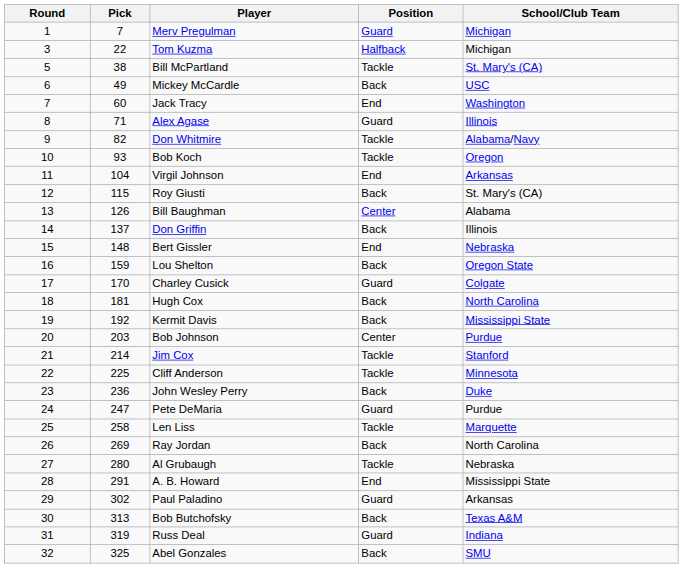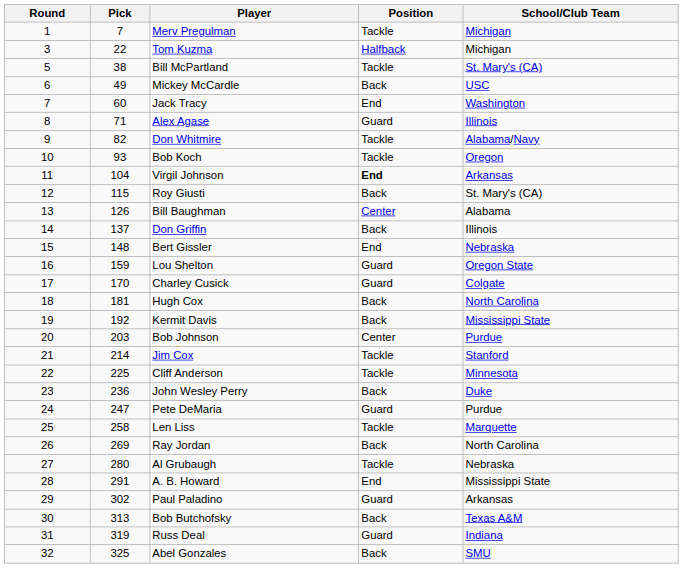 <table class="wikitable sortable sortable" width="60%">
 <tr>
 <th>Round</th>
 <th>Pick</th>
 <th>Player</th>
 <th>Position</th>
 <th>School/Club Team</th>
 </tr>
 <tr>
 <td style="text-align: center;">1</td>
 <td style="text-align: center;">7</td>
 <td><a href='#'>Merv Pregulman</a></td>
-<td><a href='#'>Guard</a></td>
+<td>Tackle</td>
 <td><a href='#'>Michigan</a></td>
 </tr>
 <tr>
 <td style="text-align: center;">3</td>
 <td style="text-align: center;">22</td>
 <td><a href='#'>Tom Kuzma</a></td>
 <td><a href='#'>Halfback</a></td>
 <td>Michigan</td>
 </tr>
 <tr>
 <td style="text-align: center;">5</td>
 <td style="text-align: center;">38</td>
 <td>Bill McPartland</td>
 <td>Tackle</td>
 <td><a href='#'>St. Mary's (CA)</a></td>
 </tr>
 <tr>
 <td style="text-align: center;">6</td>
 <td style="text-align: center;">49</td>
 <td>Mickey McCardle</td>
 <td>Back</td>
 <td><a href='#'>USC</a></td>
 </tr>
 <tr>
 <td style="text-align: center;">7</td>
 <td style="text-align: center;">60</td>
 <td>Jack Tracy</td>
 <td>End</td>
 <td><a href='#'>Washington</a></td>
 </tr>
 <tr>
 <td style="text-align: center;">8</td>
 <td style="text-align: center;">71</td>
 <td><a href='#'>Alex Agase</a></td>
 <td>Guard</td>
 <td><a href='#'>Illinois</a></td>
 </tr>
 <tr>
 <td style="text-align: center;">9</td>
 <td style="text-align: center;">82</td>
 <td><a href='#'>Don Whitmire</a></td>
 <td>Tackle</td>
 <td><a href='#'>Alabama</a>/<a href='#'>Navy</a></td>
 </tr>
 <tr>
 <td style="text-align: center;">10</td>
 <td style="text-align: center;">93</td>
 <td>Bob Koch</td>
 <td>Tackle</td>
 <td><a href='#'>Oregon</a></td>
 </tr>
 <tr>
 <td style="text-align: center;">11</td>
 <td style="text-align: center;">104</td>
 <td>Virgil Johnson</td>
-<td>End</td>
+<td><strong>End</strong></td>
 <td><a href='#'>Arkansas</a></td>
 </tr>
 <tr>
 <td style="text-align: center;">12</td>
 <td style="text-align: center;">115</td>
 <td>Roy Giusti</td>
 <td>Back</td>
 <td>St. Mary's (CA)</td>
 </tr>
 <tr>
 <td style="text-align: center;">13</td>
 <td style="text-align: center;">126</td>
 <td>Bill Baughman</td>
 <td><a href='#'>Center</a></td>
 <td>Alabama</td>
 </tr>
 <tr>
 <td style="text-align: center;">14</td>
 <td style="text-align: center;">137</td>
 <td><a href='#'>Don Griffin</a></td>
 <td>Back</td>
 <td>Illinois</td>
 </tr>
 <tr>
 <td style="text-align: center;">15</td>
 <td style="text-align: center;">148</td>
 <td>Bert Gissler</td>
 <td>End</td>
 <td><a href='#'>Nebraska</a></td>
 </tr>
 <tr>
 <td style="text-align: center;">16</td>
 <td style="text-align: center;">159</td>
 <td>Lou Shelton</td>
-<td>Back</td>
+<td>Guard</td>
 <td><a href='#'>Oregon State</a></td>
 </tr>
 <tr>
 <td style="text-align: center;">17</td>
 <td style="text-align: center;">170</td>
 <td>Charley Cusick</td>
 <td>Guard</td>
 <td><a href='#'>Colgate</a></td>
 </tr>
 <tr>
 <td style="text-align: center;">18</td>
 <td style="text-align: center;">181</td>
 <td>Hugh Cox</td>
 <td>Back</td>
 <td><a href='#'>North Carolina</a></td>
 </tr>
 <tr>
 <td style="text-align: center;">19</td>
 <td style="text-align: center;">192</td>
 <td>Kermit Davis</td>
 <td>Back</td>
 <td><a href='#'>Mississippi State</a></td>
 </tr>
 <tr>
 <td style="text-align: center;">20</td>
 <td style="text-align: center;">203</td>
 <td>Bob Johnson</td>
 <td>Center</td>
 <td><a href='#'>Purdue</a></td>
 </tr>
 <tr>
 <td style="text-align: center;">21</td>
 <td style="text-align: center;">214</td>
 <td><a href='#'>Jim Cox</a></td>
 <td>Tackle</td>
 <td><a href='#'>Stanford</a></td>
 </tr>
 <tr>
 <td style="text-align: center;">22</td>
 <td style="text-align: center;">225</td>
 <td>Cliff Anderson</td>
 <td>Tackle</td>
 <td><a href='#'>Minnesota</a></td>
 </tr>
 <tr>
 <td style="text-align: center;">23</td>
 <td style="text-align: center;">236</td>
 <td>John Wesley Perry</td>
 <td>Back</td>
 <td><a href='#'>Duke</a></td>
 </tr>
 <tr>
 <td style="text-align: center;">24</td>
 <td style="text-align: center;">247</td>
 <td>Pete DeMaria</td>
 <td>Guard</td>
 <td>Purdue</td>
 </tr>
 <tr>
 <td style="text-align: center;">25</td>
 <td style="text-align: center;">258</td>
 <td>Len Liss</td>
 <td>Tackle</td>
 <td><a href='#'>Marquette</a></td>
 </tr>
 <tr>
 <td style="text-align: center;">26</td>
 <td style="text-align: center;">269</td>
 <td>Ray Jordan</td>
 <td>Back</td>
 <td>North Carolina</td>
 </tr>
 <tr>
 <td style="text-align: center;">27</td>
 <td style="text-align: center;">280</td>
 <td>Al Grubaugh</td>
 <td>Tackle</td>
 <td>Nebraska</td>
 </tr>
 <tr>
 <td style="text-align: center;">28</td>
 <td style="text-align: center;">291</td>
 <td>A. B. Howard</td>
 <td>End</td>
 <td>Mississippi State</td>
 </tr>
 <tr>
 <td style="text-align: center;">29</td>
 <td style="text-align: center;">302</td>
 <td>Paul Paladino</td>
 <td>Guard</td>
 <td>Arkansas</td>
 </tr>
 <tr>
 <td style="text-align: center;">30</td>
 <td style="text-align: center;">313</td>
 <td>Bob Butchofsky</td>
 <td>Back</td>
 <td><a href='#'>Texas A&M</a></td>
 </tr>
 <tr>
 <td style="text-align: center;">31</td>
 <td style="text-align: center;">319</td>
 <td>Russ Deal</td>
 <td>Guard</td>
 <td><a href='#'>Indiana</a></td>
 </tr>
 <tr>
 <td style="text-align: center;">32</td>
 <td style="text-align: center;">325</td>
 <td>Abel Gonzales</td>
 <td>Back</td>
 <td><a href='#'>SMU</a></td>
 </tr>
 </table>
